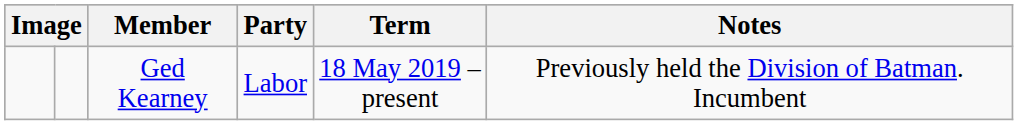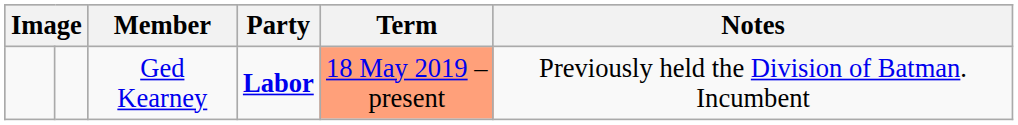 <table class=wikitable style="text-align:center">
 <tr>
 <th colspan=2>Image</th>
 <th>Member</th>
 <th>Party</th>
 <th>Term</th>
 <th>Notes</th>
 </tr>
 <tr>
 <td> </td>
 <td></td>
 <td><a href='#'>Ged Kearney</a><br></td>
-<td><a href='#'>Labor</a></td>
-<td nowrap><a href='#'>18 May 2019</a> –<br>present</td>
+<td><strong><a href='#'>Labor</a></strong></td>
+<td nowrap style="background: lightsalmon;"><a href='#'>18 May 2019</a> –<br>present</td>
 <td>Previously held the <a href='#'>Division of Batman</a>. Incumbent</td>
 </tr>
 </table>
